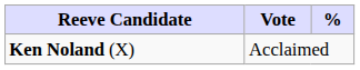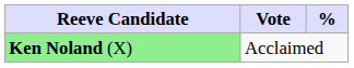 <table class="wikitable">
 <tr>
 <th style="background:#ddf; width:200px;">Reeve Candidate</th>
 <th style="background:#ddf; width:50px;">Vote</th>
 <th style="background:#ddf; width:30px;">%</th>
 </tr>
 <tr>
-<td><strong>Ken Noland</strong> (X)</td>
+<td style="background: lightgreen;"><strong>Ken Noland</strong> (X)</td>
 <td colspan="2">Acclaimed</td>
 </tr>
 </table>
